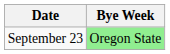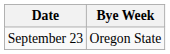 <table class="wikitable" style="font-size:95%;">
 <tr>
 <th>Date</th>
 <th colspan="2">Bye Week</th>
 </tr>
 <tr>
 <td>September 23</td>
-<td style="background: lightgreen;">Oregon State</td>
+<td>Oregon State</td>
 </tr>
 </table>
